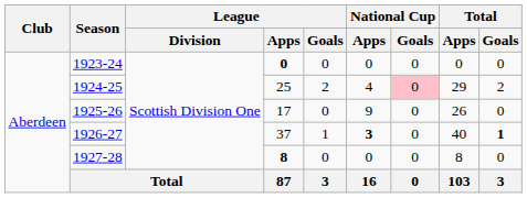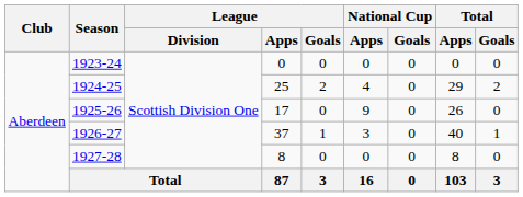 <table class="wikitable" style="text-align:center">
 <tr>
 <th rowspan="2">Club</th>
 <th rowspan="2">Season</th>
 <th colspan="3">League</th>
 <th colspan="2">National Cup</th>
 <th colspan="2">Total</th>
 </tr>
 <tr>
 <th>Division</th>
 <th>Apps</th>
 <th>Goals</th>
 <th>Apps</th>
 <th>Goals</th>
 <th>Apps</th>
 <th>Goals</th>
 </tr>
 <tr>
 <td rowspan="6"><a href='#'>Aberdeen</a></td>
 <td><a href='#'>1923-24</a></td>
 <td rowspan="5"><a href='#'>Scottish Division One</a></td>
-<td><strong>0</strong></td>
+<td>0</td>
 <td>0</td>
 <td>0</td>
 <td>0</td>
 <td>0</td>
 <td>0</td>
 </tr>
 <tr>
 <td><a href='#'>1924-25</a></td>
 <td>25</td>
 <td>2</td>
 <td>4</td>
-<td style="background: pink;">0</td>
+<td>0</td>
 <td>29</td>
 <td>2</td>
 </tr>
 <tr>
 <td><a href='#'>1925-26</a></td>
 <td>17</td>
 <td>0</td>
 <td>9</td>
 <td>0</td>
 <td>26</td>
 <td>0</td>
 </tr>
 <tr>
 <td><a href='#'>1926-27</a></td>
 <td>37</td>
 <td>1</td>
-<td><strong>3</strong></td>
+<td>3</td>
 <td>0</td>
 <td>40</td>
-<td><strong>1</strong></td>
+<td>1</td>
 </tr>
 <tr>
 <td><a href='#'>1927-28</a></td>
-<td><strong>8</strong></td>
+<td>8</td>
 <td>0</td>
 <td>0</td>
 <td>0</td>
 <td>8</td>
 <td>0</td>
 </tr>
 <tr>
 <th colspan="2">Total</th>
 <th>87</th>
 <th>3</th>
 <th>16</th>
 <th>0</th>
 <th>103</th>
 <th>3</th>
 </tr>
 </table>
